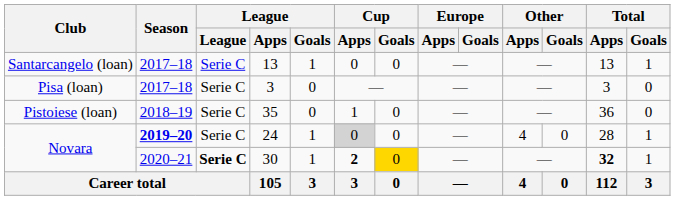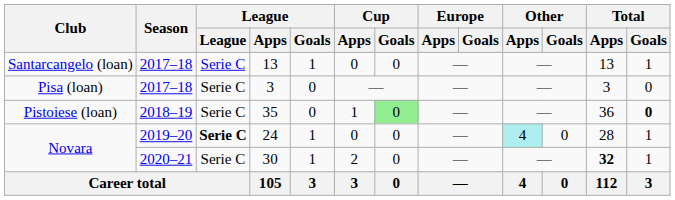 <table class="wikitable" style="text-align: center;">
 <tr>
 <th rowspan="2">Club</th>
 <th rowspan="2">Season</th>
 <th colspan="3">League</th>
 <th colspan="2">Cup</th>
 <th colspan="2">Europe</th>
 <th colspan="2">Other</th>
 <th colspan="2">Total</th>
 </tr>
 <tr>
 <th>League</th>
 <th>Apps</th>
 <th>Goals</th>
 <th>Apps</th>
 <th>Goals</th>
 <th>Apps</th>
 <th>Goals</th>
 <th>Apps</th>
 <th>Goals</th>
 <th>Apps</th>
 <th>Goals</th>
 </tr>
 <tr>
 <td><a href='#'>Santarcangelo</a> (loan)</td>
 <td><a href='#'>2017–18</a></td>
 <td><a href='#'>Serie C</a></td>
 <td>13</td>
 <td>1</td>
 <td>0</td>
 <td>0</td>
 <td colspan="2">—</td>
 <td colspan="2">—</td>
 <td>13</td>
 <td>1</td>
 </tr>
 <tr>
 <td><a href='#'>Pisa</a> (loan)</td>
 <td><a href='#'>2017–18</a></td>
 <td>Serie C</td>
 <td>3</td>
 <td>0</td>
 <td colspan="2">—</td>
 <td colspan="2">—</td>
 <td colspan="2">—</td>
 <td>3</td>
 <td>0</td>
 </tr>
 <tr>
 <td><a href='#'>Pistoiese</a> (loan)</td>
 <td><a href='#'>2018–19</a></td>
 <td>Serie C</td>
 <td>35</td>
 <td>0</td>
 <td>1</td>
-<td>0</td>
+<td style="background: lightgreen;">0</td>
 <td colspan="2">—</td>
 <td colspan="2">—</td>
 <td>36</td>
-<td>0</td>
+<td><strong>0</strong></td>
 </tr>
 <tr>
 <td rowspan="2"><a href='#'>Novara</a></td>
-<td><strong><a href='#'>2019–20</a></strong></td>
-<td>Serie C</td>
+<td><a href='#'>2019–20</a></td>
+<td><strong>Serie C</strong></td>
 <td>24</td>
 <td>1</td>
-<td style="background: lightgrey;">0</td>
+<td>0</td>
 <td>0</td>
 <td colspan="2">—</td>
-<td>4</td>
+<td style="background: paleturquoise;">4</td>
 <td>0</td>
 <td>28</td>
 <td>1</td>
 </tr>
 <tr>
 <td><a href='#'>2020–21</a></td>
-<td><strong>Serie C</strong></td>
+<td>Serie C</td>
 <td>30</td>
 <td>1</td>
-<td><strong>2</strong></td>
-<td style="background: gold;">0</td>
+<td>2</td>
+<td>0</td>
 <td colspan="2">—</td>
 <td colspan="2">—</td>
 <td><strong>32</strong></td>
 <td>1</td>
 </tr>
 <tr>
 <th colspan="3">Career total</th>
 <th>105</th>
 <th>3</th>
 <th>3</th>
 <th>0</th>
 <th colspan="2">—</th>
 <th>4</th>
 <th>0</th>
 <th>112</th>
 <th>3</th>
 </tr>
 </table>
